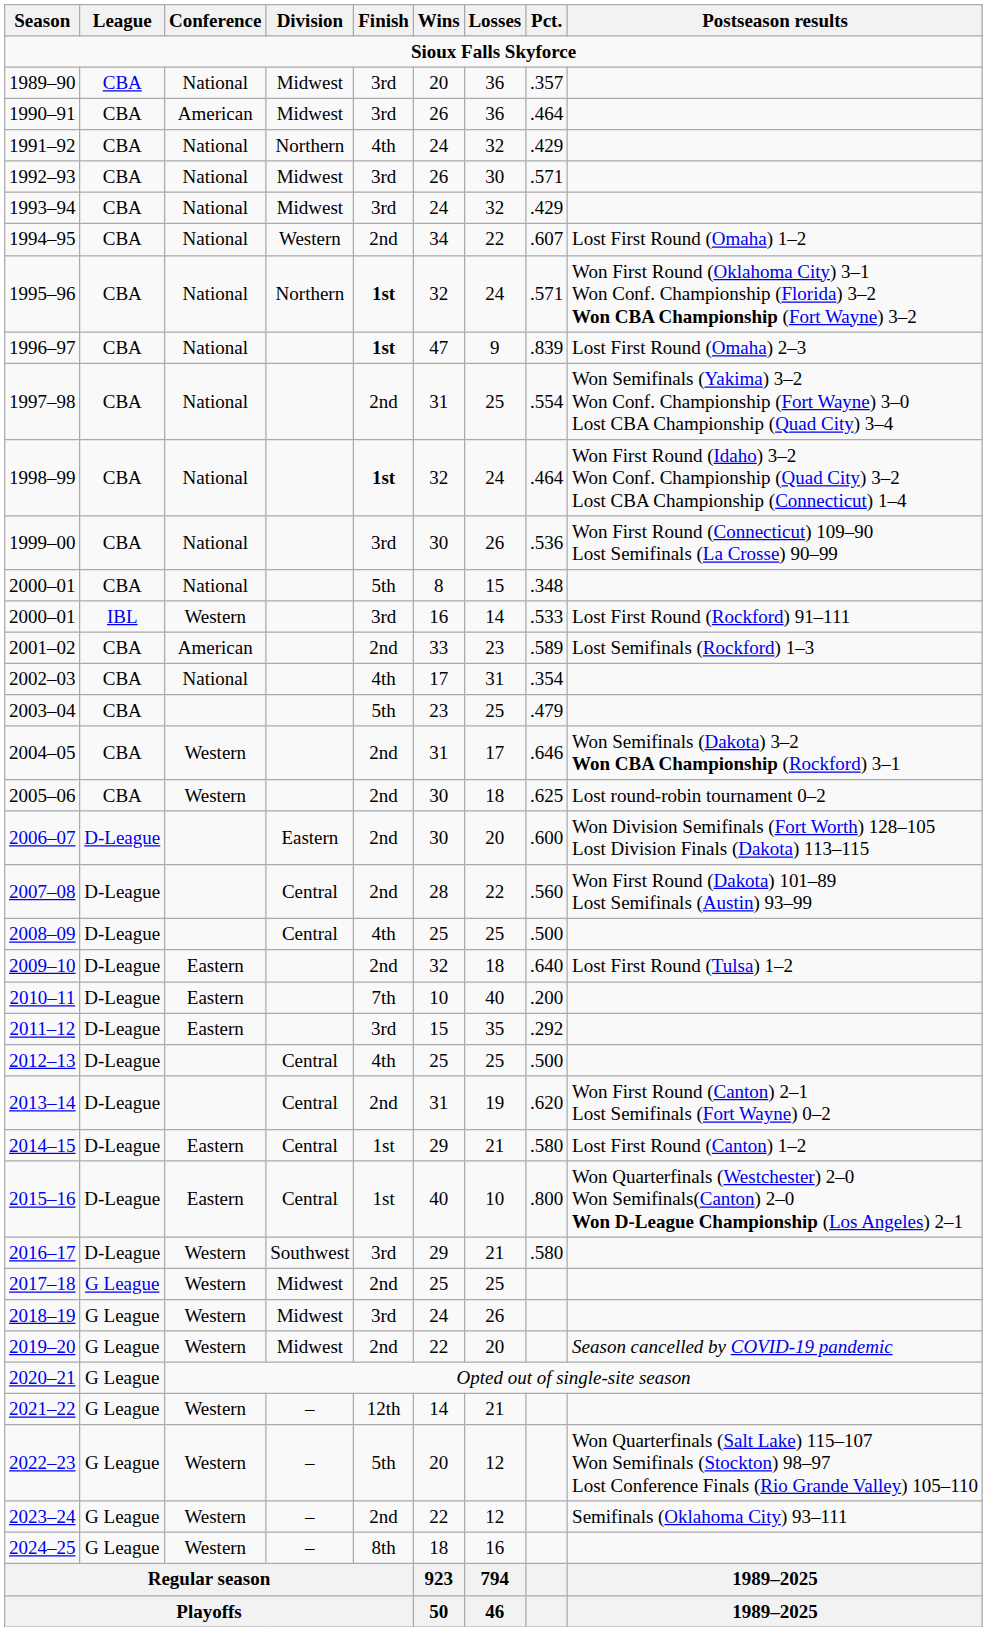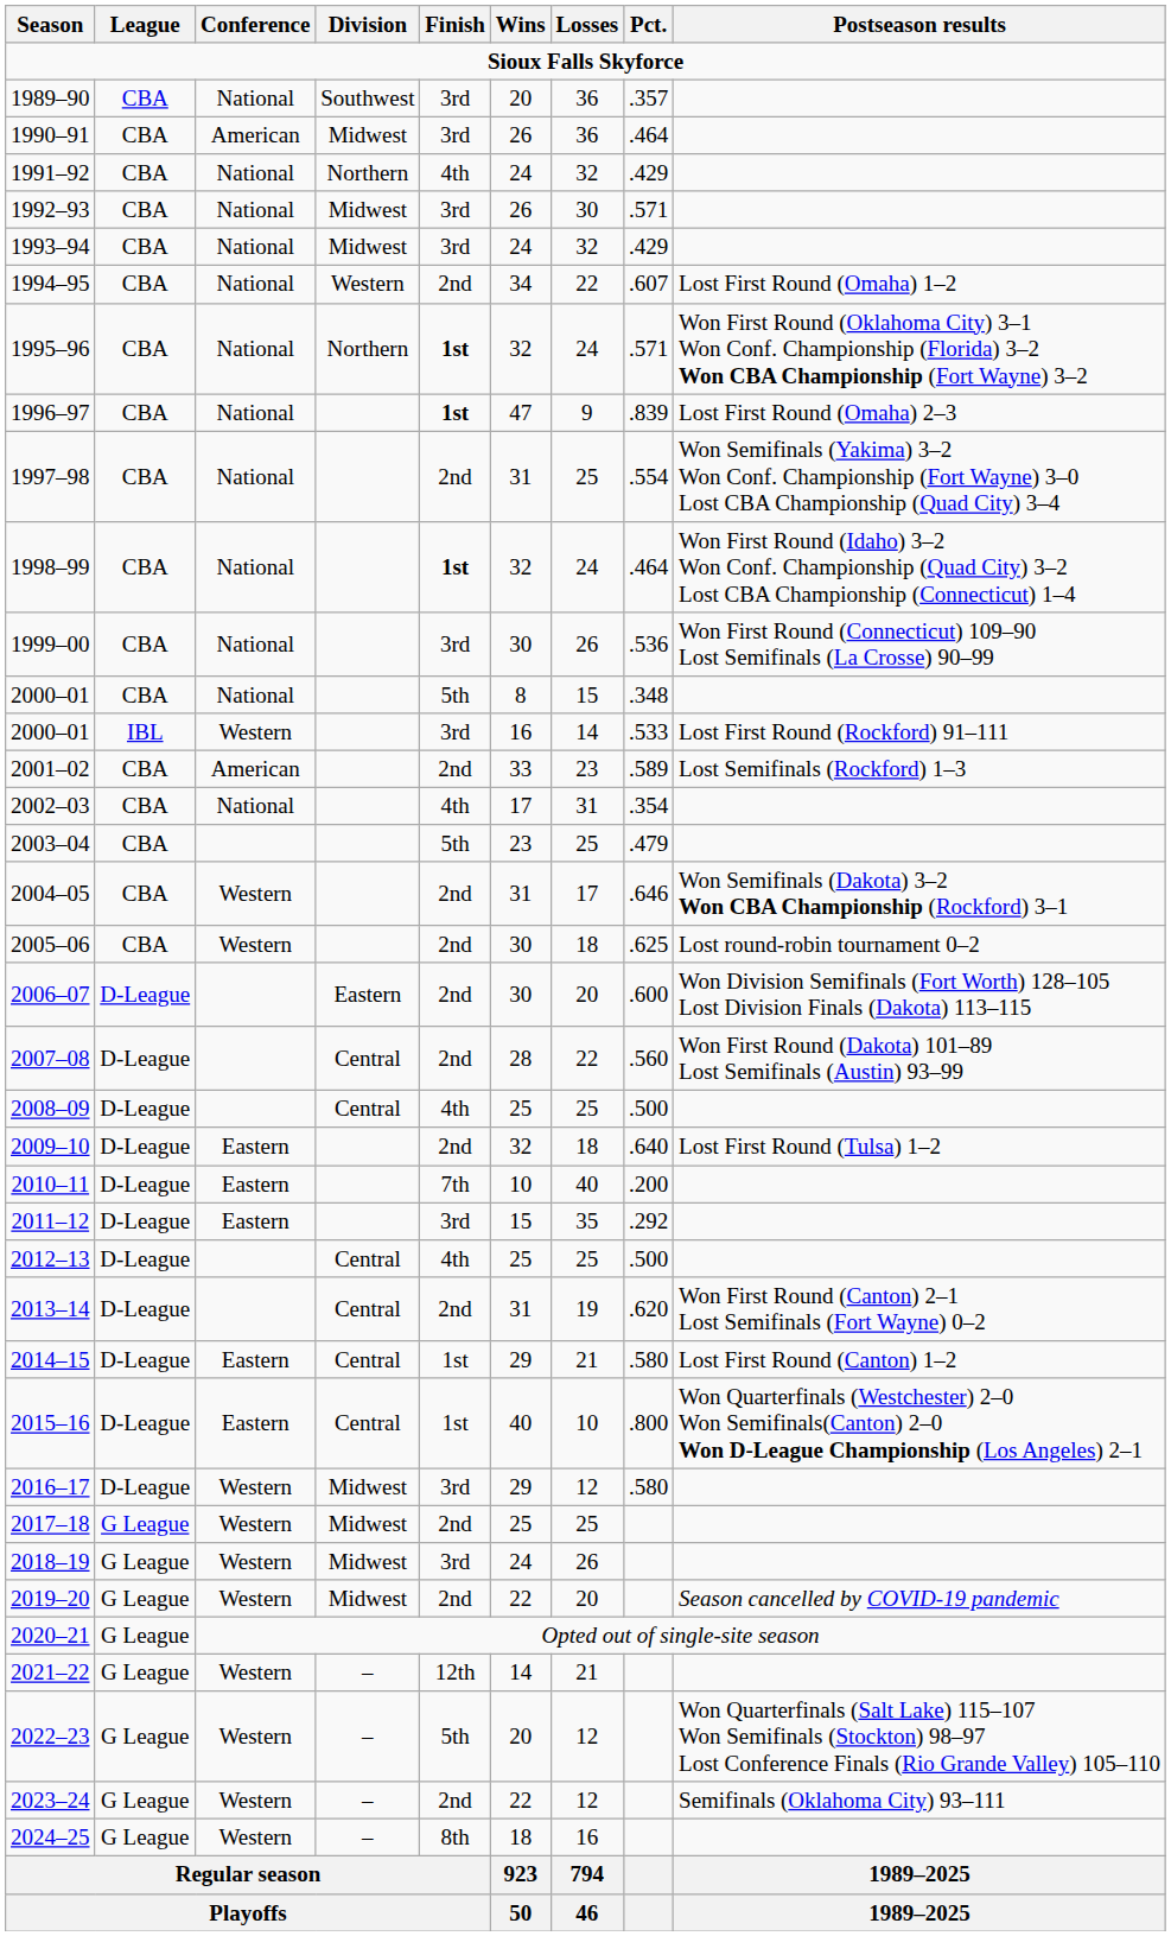 <table class="wikitable" style="font-size:95%; text-align:center">
 <tr>
 <th>Season</th>
 <th>League</th>
 <th>Conference</th>
 <th>Division</th>
 <th>Finish</th>
 <th>Wins</th>
 <th>Losses</th>
 <th>Pct.</th>
 <th>Postseason results</th>
 </tr>
 <tr>
 <td colspan=9><strong>Sioux Falls Skyforce</strong></td>
 </tr>
 <tr>
 <td>1989–90</td>
 <td><a href='#'>CBA</a></td>
 <td>National</td>
-<td>Midwest</td>
+<td>Southwest</td>
 <td>3rd</td>
 <td>20</td>
 <td>36</td>
 <td>.357</td>
 <td></td>
 </tr>
 <tr>
 <td>1990–91</td>
 <td>CBA</td>
 <td>American</td>
 <td>Midwest</td>
 <td>3rd</td>
 <td>26</td>
 <td>36</td>
 <td>.464</td>
 <td></td>
 </tr>
 <tr>
 <td>1991–92</td>
 <td>CBA</td>
 <td>National</td>
 <td>Northern</td>
 <td>4th</td>
 <td>24</td>
 <td>32</td>
 <td>.429</td>
 <td></td>
 </tr>
 <tr>
 <td>1992–93</td>
 <td>CBA</td>
 <td>National</td>
 <td>Midwest</td>
 <td>3rd</td>
 <td>26</td>
 <td>30</td>
 <td>.571</td>
 <td></td>
 </tr>
 <tr>
 <td>1993–94</td>
 <td>CBA</td>
 <td>National</td>
 <td>Midwest</td>
 <td>3rd</td>
 <td>24</td>
 <td>32</td>
 <td>.429</td>
 <td></td>
 </tr>
 <tr>
 <td>1994–95</td>
 <td>CBA</td>
 <td>National</td>
 <td>Western</td>
 <td>2nd</td>
 <td>34</td>
 <td>22</td>
 <td>.607</td>
 <td align=left>Lost First Round (<a href='#'>Omaha</a>) 1–2</td>
 </tr>
 <tr>
 <td>1995–96</td>
 <td>CBA</td>
 <td>National</td>
 <td>Northern</td>
 <td><strong>1st</strong></td>
 <td>32</td>
 <td>24</td>
 <td>.571</td>
 <td align=left>Won First Round (<a href='#'>Oklahoma City</a>) 3–1<br> Won Conf. Championship (<a href='#'>Florida</a>) 3–2<br> <strong>Won CBA Championship</strong> (<a href='#'>Fort Wayne</a>) 3–2</td>
 </tr>
 <tr>
 <td>1996–97</td>
 <td>CBA</td>
 <td>National</td>
 <td></td>
 <td><strong>1st</strong></td>
 <td>47</td>
 <td>9</td>
 <td>.839</td>
 <td align=left>Lost First Round (<a href='#'>Omaha</a>) 2–3</td>
 </tr>
 <tr>
 <td>1997–98</td>
 <td>CBA</td>
 <td>National</td>
 <td></td>
 <td>2nd</td>
 <td>31</td>
 <td>25</td>
 <td>.554</td>
 <td align=left>Won Semifinals (<a href='#'>Yakima</a>) 3–2<br> Won Conf. Championship (<a href='#'>Fort Wayne</a>) 3–0<br> Lost CBA Championship (<a href='#'>Quad City</a>) 3–4</td>
 </tr>
 <tr>
 <td>1998–99</td>
 <td>CBA</td>
 <td>National</td>
 <td></td>
 <td><strong>1st</strong></td>
 <td>32</td>
 <td>24</td>
 <td>.464</td>
 <td align=left>Won First Round (<a href='#'>Idaho</a>) 3–2<br> Won Conf. Championship (<a href='#'>Quad City</a>) 3–2<br> Lost CBA Championship (<a href='#'>Connecticut</a>) 1–4</td>
 </tr>
 <tr>
 <td>1999–00</td>
 <td>CBA</td>
 <td>National</td>
 <td></td>
 <td>3rd</td>
 <td>30</td>
 <td>26</td>
 <td>.536</td>
 <td align=left>Won First Round (<a href='#'>Connecticut</a>) 109–90<br> Lost Semifinals (<a href='#'>La Crosse</a>) 90–99</td>
 </tr>
 <tr>
 <td>2000–01</td>
 <td>CBA</td>
 <td>National</td>
 <td></td>
 <td>5th</td>
 <td>8</td>
 <td>15</td>
 <td>.348</td>
 <td></td>
 </tr>
 <tr>
 <td>2000–01</td>
 <td><a href='#'>IBL</a></td>
 <td>Western</td>
 <td></td>
 <td>3rd</td>
 <td>16</td>
 <td>14</td>
 <td>.533</td>
 <td align=left>Lost First Round (<a href='#'>Rockford</a>) 91–111</td>
 </tr>
 <tr>
 <td>2001–02</td>
 <td>CBA</td>
 <td>American</td>
 <td></td>
 <td>2nd</td>
 <td>33</td>
 <td>23</td>
 <td>.589</td>
 <td align=left>Lost Semifinals (<a href='#'>Rockford</a>) 1–3</td>
 </tr>
 <tr>
 <td>2002–03</td>
 <td>CBA</td>
 <td>National</td>
 <td></td>
 <td>4th</td>
 <td>17</td>
 <td>31</td>
 <td>.354</td>
 <td></td>
 </tr>
 <tr>
 <td>2003–04</td>
 <td>CBA</td>
 <td></td>
 <td></td>
 <td>5th</td>
 <td>23</td>
 <td>25</td>
 <td>.479</td>
 <td></td>
 </tr>
 <tr>
 <td>2004–05</td>
 <td>CBA</td>
 <td>Western</td>
 <td></td>
 <td>2nd</td>
 <td>31</td>
 <td>17</td>
 <td>.646</td>
 <td align=left>Won Semifinals (<a href='#'>Dakota</a>) 3–2<br> <strong>Won CBA Championship</strong> (<a href='#'>Rockford</a>) 3–1</td>
 </tr>
 <tr>
 <td>2005–06</td>
 <td>CBA</td>
 <td>Western</td>
 <td></td>
 <td>2nd</td>
 <td>30</td>
 <td>18</td>
 <td>.625</td>
 <td align=left>Lost round-robin tournament 0–2</td>
 </tr>
 <tr>
 <td><a href='#'>2006–07</a></td>
 <td><a href='#'>D-League</a></td>
 <td></td>
 <td>Eastern</td>
 <td>2nd</td>
 <td>30</td>
 <td>20</td>
 <td>.600</td>
 <td align=left>Won Division Semifinals (<a href='#'>Fort Worth</a>) 128–105<br> Lost Division Finals (<a href='#'>Dakota</a>) 113–115</td>
 </tr>
 <tr>
 <td><a href='#'>2007–08</a></td>
 <td>D-League</td>
 <td></td>
 <td>Central</td>
 <td>2nd</td>
 <td>28</td>
 <td>22</td>
 <td>.560</td>
 <td align=left>Won First Round (<a href='#'>Dakota</a>) 101–89<br> Lost Semifinals (<a href='#'>Austin</a>) 93–99</td>
 </tr>
 <tr>
 <td><a href='#'>2008–09</a></td>
 <td>D-League</td>
 <td></td>
 <td>Central</td>
 <td>4th</td>
 <td>25</td>
 <td>25</td>
 <td>.500</td>
 <td></td>
 </tr>
 <tr>
 <td><a href='#'>2009–10</a></td>
 <td>D-League</td>
 <td>Eastern</td>
 <td></td>
 <td>2nd</td>
 <td>32</td>
 <td>18</td>
 <td>.640</td>
 <td align=left>Lost First Round (<a href='#'>Tulsa</a>) 1–2</td>
 </tr>
 <tr>
 <td><a href='#'>2010–11</a></td>
 <td>D-League</td>
 <td>Eastern</td>
 <td></td>
 <td>7th</td>
 <td>10</td>
 <td>40</td>
 <td>.200</td>
 <td></td>
 </tr>
 <tr>
 <td><a href='#'>2011–12</a></td>
 <td>D-League</td>
 <td>Eastern</td>
 <td></td>
 <td>3rd</td>
 <td>15</td>
 <td>35</td>
 <td>.292</td>
 <td></td>
 </tr>
 <tr>
 <td><a href='#'>2012–13</a></td>
 <td>D-League</td>
 <td></td>
 <td>Central</td>
 <td>4th</td>
 <td>25</td>
 <td>25</td>
 <td>.500</td>
 <td></td>
 </tr>
 <tr>
 <td><a href='#'>2013–14</a></td>
 <td>D-League</td>
 <td></td>
 <td>Central</td>
 <td>2nd</td>
 <td>31</td>
 <td>19</td>
 <td>.620</td>
 <td align=left>Won First Round (<a href='#'>Canton</a>) 2–1<br> Lost Semifinals (<a href='#'>Fort Wayne</a>) 0–2</td>
 </tr>
 <tr>
 <td><a href='#'>2014–15</a></td>
 <td>D-League</td>
 <td>Eastern</td>
 <td>Central</td>
 <td>1st</td>
 <td>29</td>
 <td>21</td>
 <td>.580</td>
 <td align=left>Lost First Round (<a href='#'>Canton</a>) 1–2</td>
 </tr>
 <tr>
 <td><a href='#'>2015–16</a></td>
 <td>D-League</td>
 <td>Eastern</td>
 <td>Central</td>
 <td>1st</td>
 <td>40</td>
 <td>10</td>
 <td>.800</td>
 <td align=left>Won Quarterfinals (<a href='#'>Westchester</a>) 2–0<br>Won Semifinals(<a href='#'>Canton</a>) 2–0<br><strong>Won D-League Championship</strong> (<a href='#'>Los Angeles</a>) 2–1</td>
 </tr>
 <tr>
 <td><a href='#'>2016–17</a></td>
 <td>D-League</td>
 <td>Western</td>
-<td>Southwest</td>
+<td>Midwest</td>
 <td>3rd</td>
 <td>29</td>
-<td>21</td>
+<td>12</td>
 <td>.580</td>
 <td></td>
 </tr>
 <tr>
 <td><a href='#'>2017–18</a></td>
 <td><a href='#'>G League</a></td>
 <td>Western</td>
 <td>Midwest</td>
 <td>2nd</td>
 <td>25</td>
 <td>25</td>
 <td></td>
 <td align=left></td>
 </tr>
 <tr>
 <td><a href='#'>2018–19</a></td>
 <td>G League</td>
 <td>Western</td>
 <td>Midwest</td>
 <td>3rd</td>
 <td>24</td>
 <td>26</td>
 <td></td>
 <td align=left></td>
 </tr>
 <tr>
 <td><a href='#'>2019–20</a></td>
 <td>G League</td>
 <td>Western</td>
 <td>Midwest</td>
 <td>2nd</td>
 <td>22</td>
 <td>20</td>
 <td></td>
 <td align=left><em>Season cancelled by <a href='#'>COVID-19 pandemic</a></em></td>
 </tr>
 <tr>
 <td><a href='#'>2020–21</a></td>
 <td>G League</td>
 <td colspan="8"><em>Opted out of single-site season</em></td>
 </tr>
 <tr>
 <td><a href='#'>2021–22</a></td>
 <td>G League</td>
 <td>Western</td>
 <td>–</td>
 <td>12th</td>
 <td>14</td>
 <td>21</td>
 <td></td>
 <td align=left></td>
 </tr>
 <tr>
 <td><a href='#'>2022–23</a></td>
 <td>G League</td>
 <td>Western</td>
 <td>–</td>
 <td>5th</td>
 <td>20</td>
 <td>12</td>
 <td></td>
 <td align=left>Won Quarterfinals (<a href='#'>Salt Lake</a>) 115–107<br>Won Semifinals (<a href='#'>Stockton</a>) 98–97<br>Lost Conference Finals (<a href='#'>Rio Grande Valley</a>) 105–110</td>
 </tr>
 <tr>
 <td><a href='#'>2023–24</a></td>
 <td>G League</td>
 <td>Western</td>
 <td>–</td>
 <td>2nd</td>
 <td>22</td>
 <td>12</td>
 <td></td>
 <td align=left>Semifinals (<a href='#'>Oklahoma City</a>) 93–111</td>
 </tr>
 <tr>
 <td><a href='#'>2024–25</a></td>
 <td>G League</td>
 <td>Western</td>
 <td>–</td>
 <td>8th</td>
 <td>18</td>
 <td>16</td>
 <td></td>
 <td align=left></td>
 </tr>
 <tr>
 <th colspan=5>Regular season</th>
 <th>923</th>
 <th>794</th>
 <th></th>
 <th>1989–2025</th>
 </tr>
 <tr>
 <th colspan=5>Playoffs</th>
 <th>50</th>
 <th>46</th>
 <th></th>
 <th>1989–2025</th>
 </tr>
 </table>
